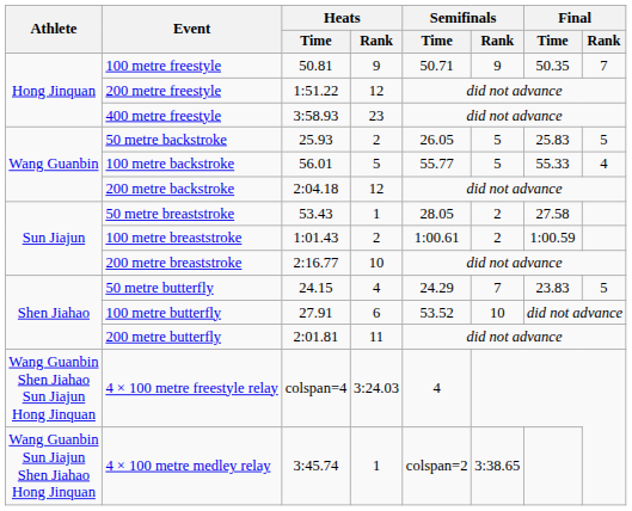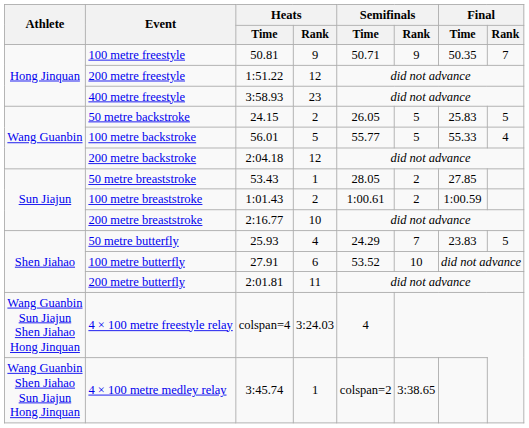 <table class=wikitable style="text-align:center;font-size:90%">
 <tr>
 <th rowspan=2>Athlete</th>
 <th rowspan=2>Event</th>
 <th colspan=2>Heats</th>
 <th colspan=2>Semifinals</th>
 <th colspan=2>Final</th>
 </tr>
 <tr style="font-size:95%">
 <th>Time</th>
 <th>Rank</th>
 <th>Time</th>
 <th>Rank</th>
 <th>Time</th>
 <th>Rank</th>
 </tr>
 <tr>
 <td rowspan=3><a href='#'>Hong Jinquan</a></td>
 <td align=left><a href='#'>100 metre freestyle</a></td>
 <td>50.81</td>
 <td>9</td>
 <td>50.71</td>
 <td>9</td>
 <td>50.35</td>
 <td>7</td>
 </tr>
 <tr>
 <td align=left><a href='#'>200 metre freestyle</a></td>
 <td>1:51.22</td>
 <td>12</td>
 <td colspan=4><em>did not advance</em></td>
 </tr>
 <tr>
 <td align=left><a href='#'>400 metre freestyle</a></td>
 <td>3:58.93</td>
 <td>23</td>
 <td colspan=4><em>did not advance</em></td>
 </tr>
 <tr>
 <td rowspan=3><a href='#'>Wang Guanbin</a></td>
 <td align=left><a href='#'>50 metre backstroke</a></td>
-<td>25.93</td>
+<td>24.15</td>
 <td>2</td>
 <td>26.05</td>
 <td>5</td>
 <td>25.83</td>
 <td>5</td>
 </tr>
 <tr>
 <td align=left><a href='#'>100 metre backstroke</a></td>
 <td>56.01</td>
 <td>5</td>
 <td>55.77</td>
 <td>5</td>
 <td>55.33</td>
 <td>4</td>
 </tr>
 <tr>
 <td align=left><a href='#'>200 metre backstroke</a></td>
 <td>2:04.18</td>
 <td>12</td>
 <td colspan=4><em>did not advance</em></td>
 </tr>
 <tr>
 <td rowspan=3><a href='#'>Sun Jiajun</a></td>
 <td align=left><a href='#'>50 metre breaststroke</a></td>
 <td>53.43</td>
 <td>1</td>
 <td>28.05</td>
 <td>2</td>
-<td>27.58</td>
+<td>27.85</td>
 <td></td>
 </tr>
 <tr>
 <td align=left><a href='#'>100 metre breaststroke</a></td>
 <td>1:01.43</td>
 <td>2</td>
 <td>1:00.61</td>
 <td>2</td>
 <td>1:00.59</td>
 <td></td>
 </tr>
 <tr>
 <td align=left><a href='#'>200 metre breaststroke</a></td>
 <td>2:16.77</td>
 <td>10</td>
 <td colspan=4><em>did not advance</em></td>
 </tr>
 <tr>
 <td rowspan=3><a href='#'>Shen Jiahao</a></td>
 <td align=left><a href='#'>50 metre butterfly</a></td>
-<td>24.15</td>
+<td>25.93</td>
 <td>4</td>
 <td>24.29</td>
 <td>7</td>
 <td>23.83</td>
 <td>5</td>
 </tr>
 <tr>
 <td align=left><a href='#'>100 metre butterfly</a></td>
 <td>27.91</td>
 <td>6</td>
 <td>53.52</td>
 <td>10</td>
 <td colspan=2><em>did not advance</em></td>
 </tr>
 <tr>
 <td align=left><a href='#'>200 metre butterfly</a></td>
 <td>2:01.81</td>
 <td>11</td>
 <td colspan=4><em>did not advance</em></td>
 </tr>
 <tr>
-<td><a href='#'>Wang Guanbin</a> <br><a href='#'>Shen Jiahao</a> <br><a href='#'>Sun Jiajun</a> <br><a href='#'>Hong Jinquan</a></td>
+<td><a href='#'>Wang Guanbin</a> <br><a href='#'>Sun Jiajun</a><br><a href='#'>Shen Jiahao</a><br><a href='#'>Hong Jinquan</a></td>
 <td align=left><a href='#'>4 × 100 metre freestyle relay</a></td>
 <td>colspan=4 </td>
 <td>3:24.03</td>
 <td>4</td>
 </tr>
 <tr>
-<td><a href='#'>Wang Guanbin</a> <br><a href='#'>Sun Jiajun</a><br><a href='#'>Shen Jiahao</a><br><a href='#'>Hong Jinquan</a></td>
+<td><a href='#'>Wang Guanbin</a> <br><a href='#'>Shen Jiahao</a> <br><a href='#'>Sun Jiajun</a> <br><a href='#'>Hong Jinquan</a></td>
 <td align=left><a href='#'>4 × 100 metre medley relay</a></td>
 <td>3:45.74</td>
 <td>1</td>
 <td>colspan=2 </td>
 <td>3:38.65</td>
 <td></td>
 </tr>
 </table>
